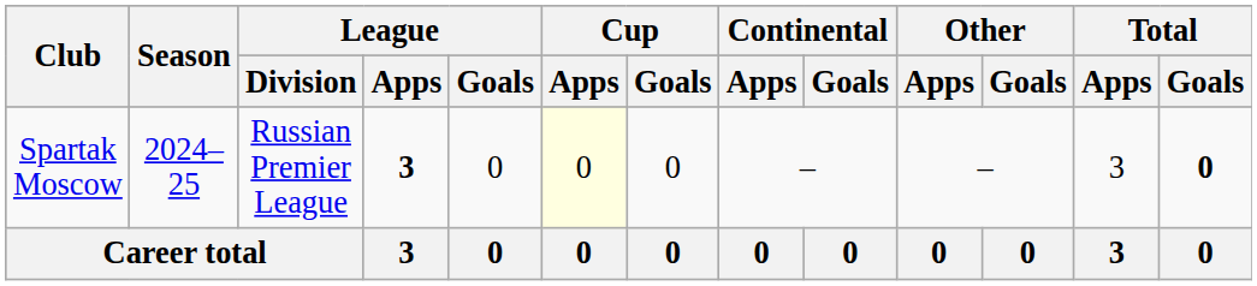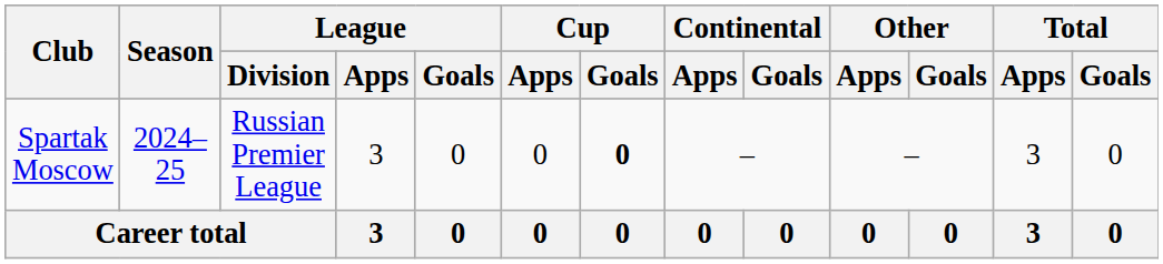 <table class="wikitable" style="text-align: center;">
 <tr>
 <th rowspan=2>Club</th>
 <th rowspan=2>Season</th>
 <th colspan=3>League</th>
 <th colspan=2>Cup</th>
 <th colspan=2>Continental</th>
 <th colspan=2>Other</th>
 <th colspan=2>Total</th>
 </tr>
 <tr>
 <th>Division</th>
 <th>Apps</th>
 <th>Goals</th>
 <th>Apps</th>
 <th>Goals</th>
 <th>Apps</th>
 <th>Goals</th>
 <th>Apps</th>
 <th>Goals</th>
 <th>Apps</th>
 <th>Goals</th>
 </tr>
 <tr>
 <td><a href='#'>Spartak Moscow</a></td>
 <td><a href='#'>2024–25</a></td>
 <td><a href='#'>Russian Premier League</a></td>
-<td><strong>3</strong></td>
+<td>3</td>
 <td>0</td>
-<td style="background: lightyellow;">0</td>
 <td>0</td>
+<td><strong>0</strong></td>
 <td colspan=2>–</td>
 <td colspan=2>–</td>
 <td>3</td>
-<td><strong>0</strong></td>
+<td>0</td>
 </tr>
 <tr>
 <th colspan=3>Career total</th>
 <th>3</th>
 <th>0</th>
 <th>0</th>
 <th>0</th>
 <th>0</th>
 <th>0</th>
 <th>0</th>
 <th>0</th>
 <th>3</th>
 <th>0</th>
 </tr>
 </table>
